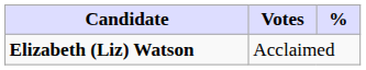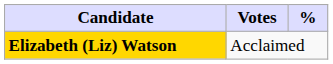 <table class="wikitable">
 <tr>
 <th style="background:#ddf; width:200px;">Candidate</th>
 <th style="background:#ddf; width:50px;">Votes</th>
 <th style="background:#ddf; width:30px;">%</th>
 </tr>
 <tr>
-<td><strong>Elizabeth (Liz) Watson</strong></td>
+<td style="background: gold;"><strong>Elizabeth (Liz) Watson</strong></td>
 <td colspan="2">Acclaimed</td>
 </tr>
 </table>
